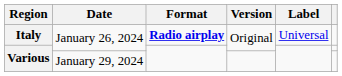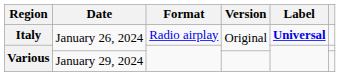 <table class="wikitable plainrowheaders">
 <tr>
 <th scope="col">Region</th>
 <th scope="col">Date</th>
 <th scope="col">Format</th>
 <th scope="col">Version</th>
 <th scope="col">Label</th>
 <th scope="col"></th>
 </tr>
 <tr>
 <th scope="row">Italy</th>
 <td rowspan="2">January 26, 2024</td>
-<td><strong><a href='#'>Radio airplay</a></strong></td>
+<td><a href='#'>Radio airplay</a></td>
 <td rowspan="2">Original</td>
-<td><a href='#'>Universal</a></td>
+<td><strong><a href='#'>Universal</a></strong></td>
 <td style="text-align:center;"></td>
 </tr>
 <tr>
 <th scope="row" rowspan="2">Various</th>
 <td rowspan="2"></td>
 <td rowspan="2"></td>
 <td style="text-align:center;"></td>
 </tr>
 <tr>
 <td>January 29, 2024</td>
 <td></td>
 <td style="text-align:center;"></td>
 </tr>
 </table>
